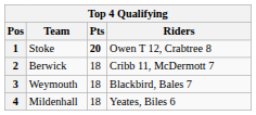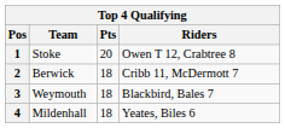 <table class="wikitable">
 <tr>
 <th colspan="4">Top 4 Qualifying</th>
 </tr>
 <tr>
 <th width=20>Pos</th>
 <th width=80>Team</th>
 <th width=20>Pts</th>
 <th width=200>Riders</th>
 </tr>
 <tr>
 <th>1</th>
 <td>Stoke</td>
-<td><strong>20</strong></td>
+<td>20</td>
 <td>Owen T 12, Crabtree 8</td>
 </tr>
 <tr>
 <th>2</th>
 <td>Berwick</td>
 <td>18</td>
 <td>Cribb 11, McDermott 7</td>
 </tr>
 <tr>
 <th>3</th>
 <td>Weymouth</td>
 <td>18</td>
 <td>Blackbird, Bales 7</td>
 </tr>
 <tr>
 <th>4</th>
 <td>Mildenhall</td>
 <td>18</td>
 <td>Yeates, Biles 6</td>
 </tr>
 </table>
